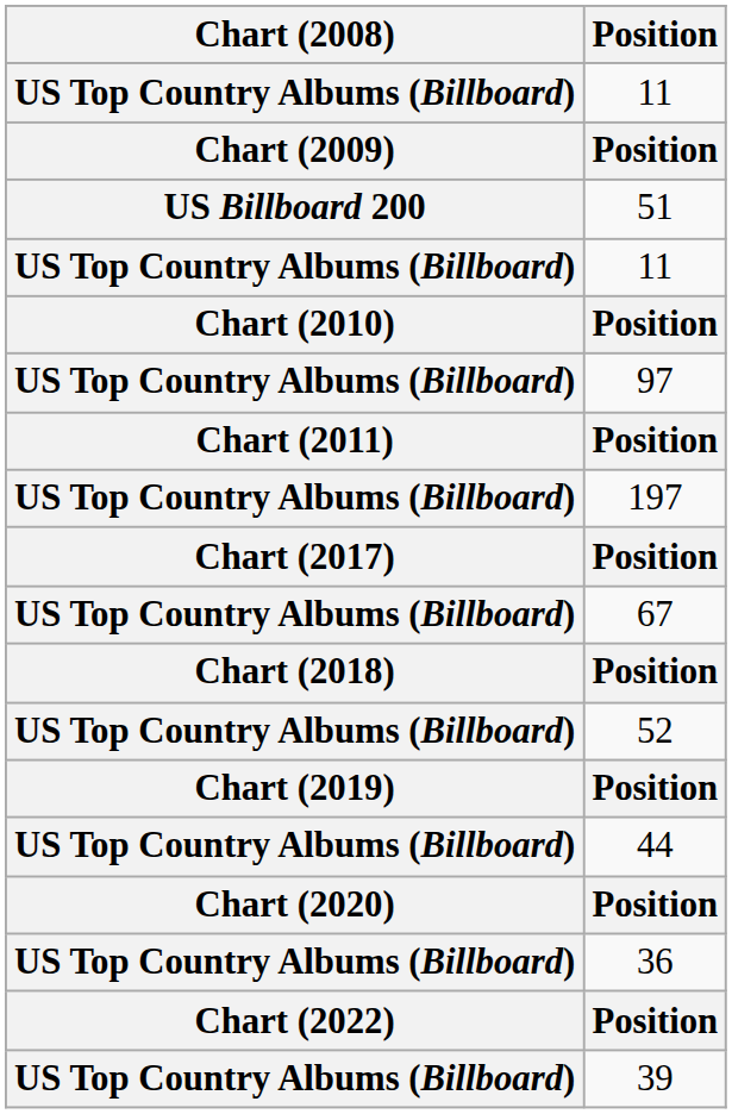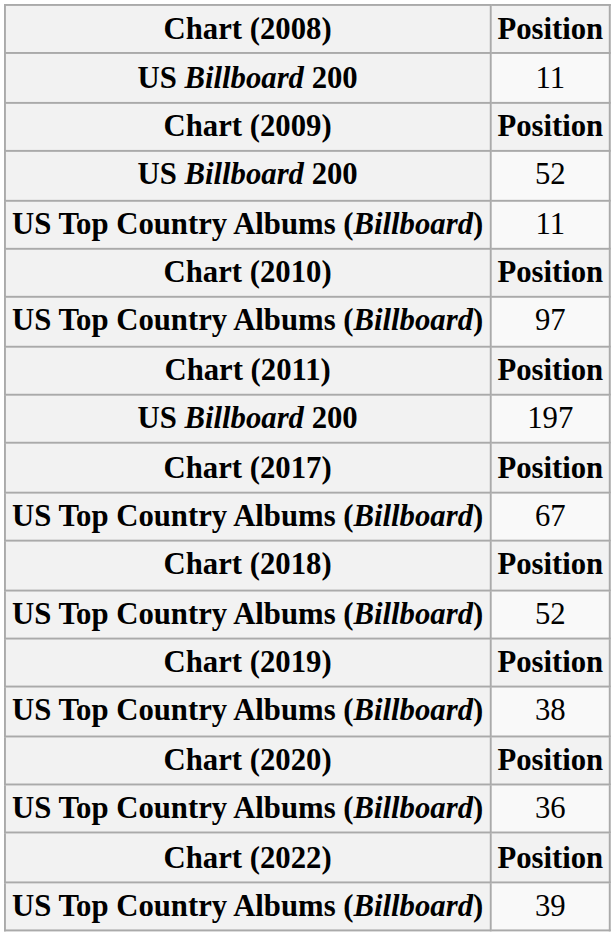 <table class="wikitable plainrowheaders" style="text-align:center">
 <tr>
 <th scope="col">Chart (2008)</th>
 <th scope="col">Position</th>
 </tr>
 <tr>
-<th scope="row">US Top Country Albums (<em>Billboard</em>)</th>
+<th scope="row">US <em>Billboard</em> 200</th>
 <td>11</td>
 </tr>
 <tr>
 <th scope="col">Chart (2009)</th>
 <th scope="col">Position</th>
 </tr>
 <tr>
 <th scope="row">US <em>Billboard</em> 200</th>
-<td>51</td>
+<td>52</td>
 </tr>
 <tr>
 <th scope="row">US Top Country Albums (<em>Billboard</em>)</th>
 <td>11</td>
 </tr>
 <tr>
 <th scope="col">Chart (2010)</th>
 <th scope="col">Position</th>
 </tr>
 <tr>
 <th scope="row">US Top Country Albums (<em>Billboard</em>)</th>
 <td>97</td>
 </tr>
 <tr>
 <th scope="col">Chart (2011)</th>
 <th scope="col">Position</th>
 </tr>
 <tr>
-<th scope="row">US Top Country Albums (<em>Billboard</em>)</th>
+<th scope="row">US <em>Billboard</em> 200</th>
 <td>197</td>
 </tr>
 <tr>
 <th scope="col">Chart (2017)</th>
 <th scope="col">Position</th>
 </tr>
 <tr>
 <th scope="row">US Top Country Albums (<em>Billboard</em>)</th>
 <td>67</td>
 </tr>
 <tr>
 <th scope="col">Chart (2018)</th>
 <th scope="col">Position</th>
 </tr>
 <tr>
 <th scope="row">US Top Country Albums (<em>Billboard</em>)</th>
 <td>52</td>
 </tr>
 <tr>
 <th scope="col">Chart (2019)</th>
 <th scope="col">Position</th>
 </tr>
 <tr>
 <th scope="row">US Top Country Albums (<em>Billboard</em>)</th>
-<td>44</td>
+<td>38</td>
 </tr>
 <tr>
 <th scope="col">Chart (2020)</th>
 <th scope="col">Position</th>
 </tr>
 <tr>
 <th scope="row">US Top Country Albums (<em>Billboard</em>)</th>
 <td>36</td>
 </tr>
 <tr>
 <th scope="col">Chart (2022)</th>
 <th scope="col">Position</th>
 </tr>
 <tr>
 <th scope="row">US Top Country Albums (<em>Billboard</em>)</th>
 <td>39</td>
 </tr>
 </table>
